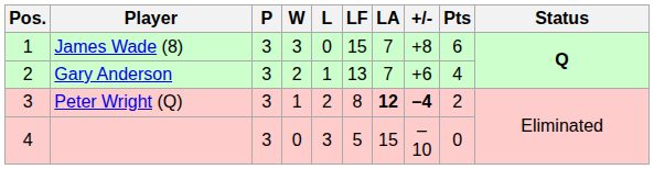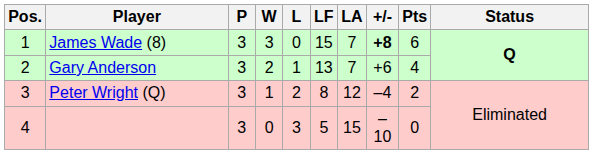 <table class="wikitable" style="text-align:center; margin: 1em auto 1em auto, align:left">
 <tr>
 <th width=20>Pos.</th>
 <th width=175>Player</th>
 <th width=20>P</th>
 <th width=20>W</th>
 <th width=20>L</th>
 <th width=20>LF</th>
 <th width=20>LA</th>
 <th width=25>+/-</th>
 <th width=20>Pts</th>
 <th width=150>Status</th>
 </tr>
 <tr style="background:#CCFFCC;">
 <td>1</td>
 <td style="text-align:left;"> <a href='#'>James Wade</a> (8)</td>
 <td>3</td>
 <td>3</td>
 <td>0</td>
 <td>15</td>
 <td>7</td>
-<td>+8</td>
+<td><strong>+8</strong></td>
 <td>6</td>
 <td rowspan=2><strong>Q</strong></td>
 </tr>
 <tr style="background:#CCFFCC;">
 <td>2</td>
 <td style="text-align:left;"> <a href='#'>Gary Anderson</a></td>
 <td>3</td>
 <td>2</td>
 <td>1</td>
 <td>13</td>
 <td>7</td>
 <td>+6</td>
 <td>4</td>
 </tr>
 <tr style="background:#FFCCCC;">
 <td>3</td>
 <td style="text-align:left;"> <a href='#'>Peter Wright</a> (Q)</td>
 <td>3</td>
 <td>1</td>
 <td>2</td>
 <td>8</td>
-<td><strong>12</strong></td>
-<td><strong>–4</strong></td>
+<td>12</td>
+<td>–4</td>
 <td>2</td>
 <td rowspan=2>Eliminated</td>
 </tr>
 <tr style="background:#FFCCCC;">
 <td>4</td>
 <td style="text-align:left;"></td>
 <td>3</td>
 <td>0</td>
 <td>3</td>
 <td>5</td>
 <td>15</td>
 <td>–10</td>
 <td>0</td>
 </tr>
 </table>
